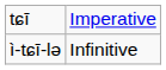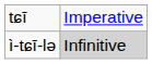 <table class="wikitable">
 <tr>
 <td>tɕī</td>
 <td><a href='#'>Imperative</a></td>
 </tr>
 <tr>
 <td>ì-tɕī-lə</td>
-<td>Infinitive</td>
+<td style="background: lightgrey;">Infinitive</td>
 </tr>
 </table>
